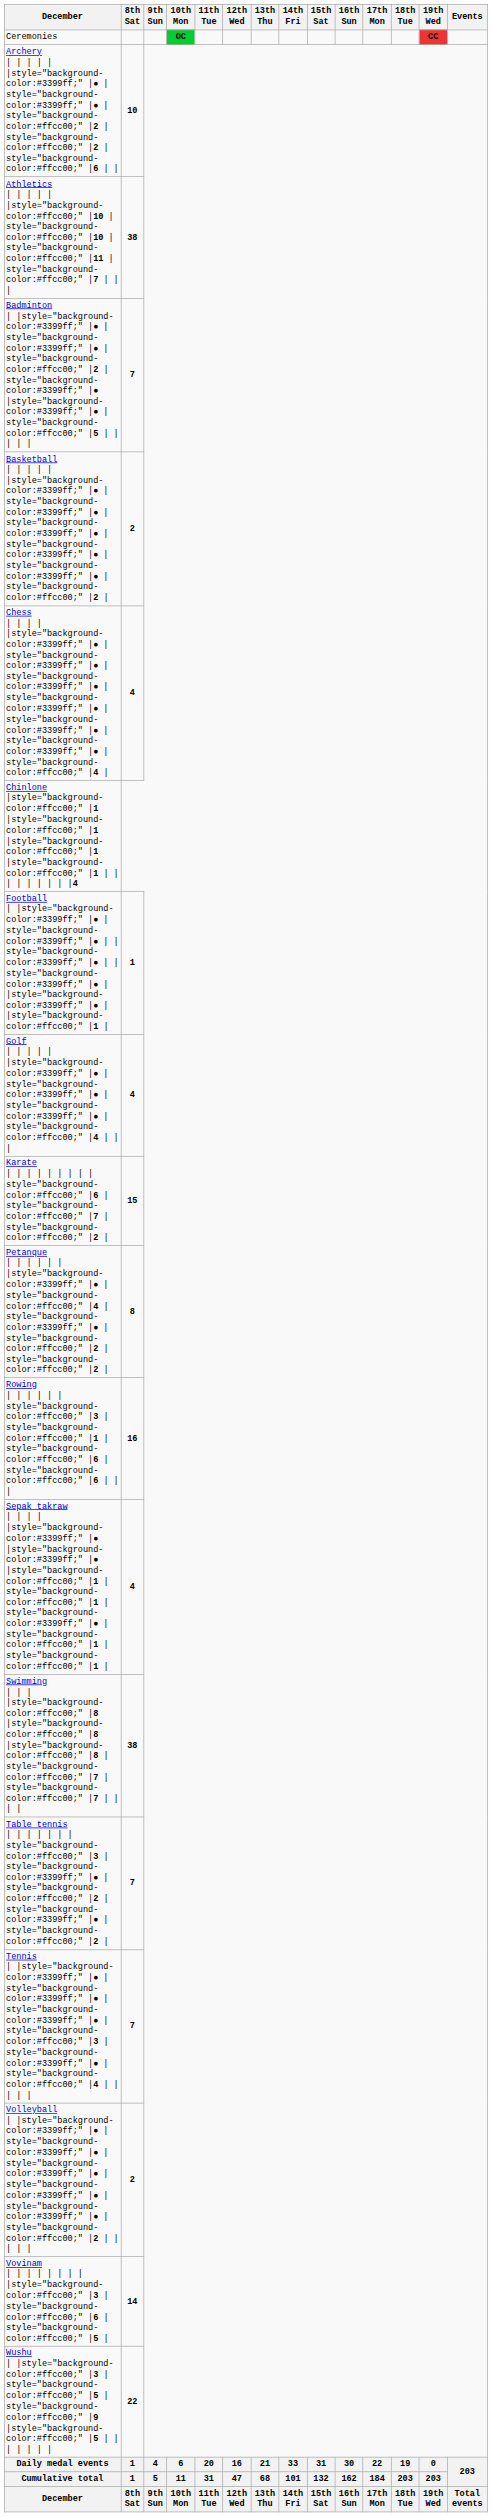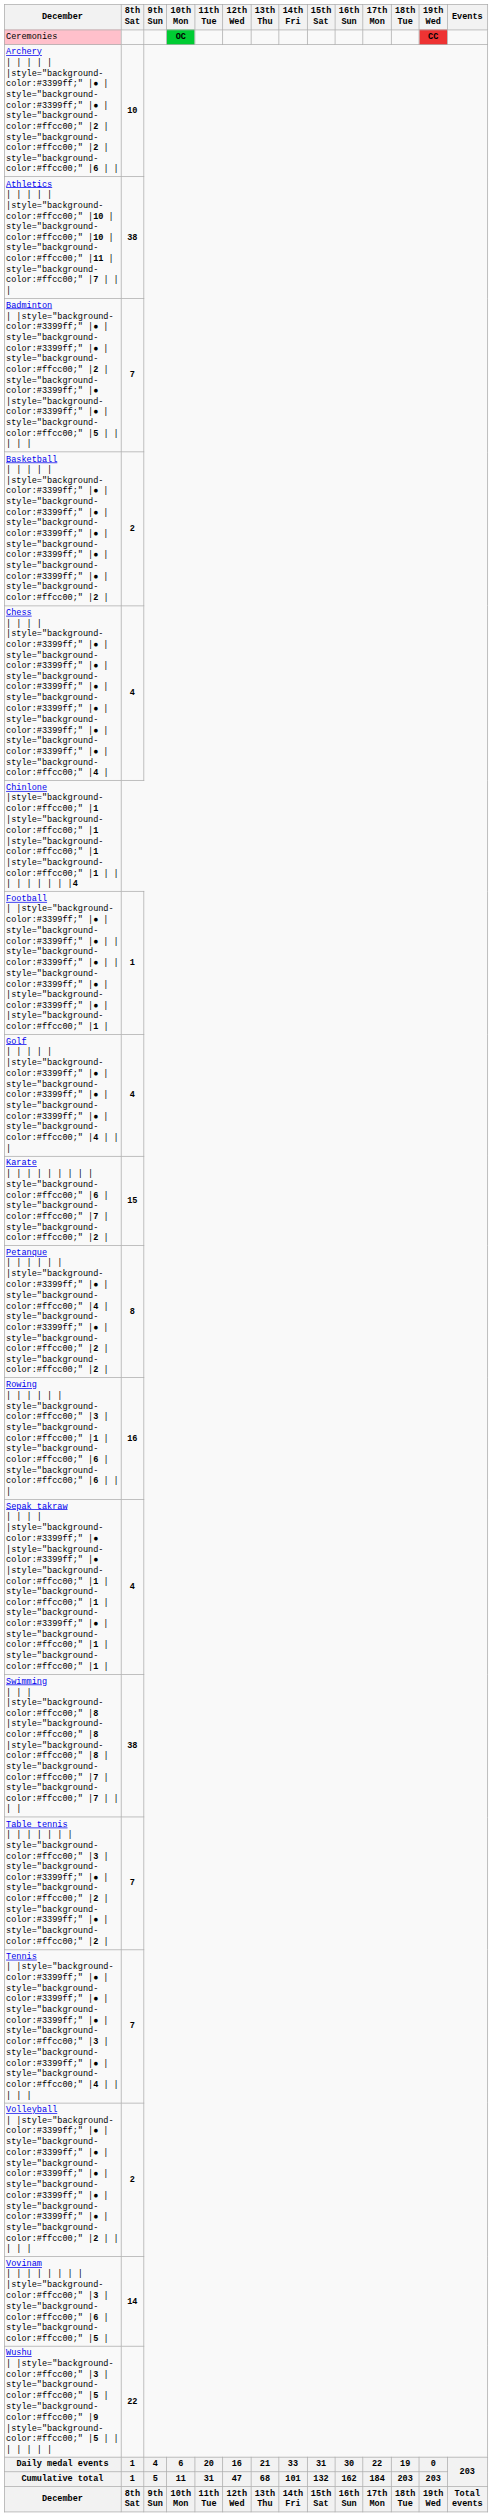 <table class="wikitable" style="margin:0.5em auto; font-size:90%; line-height:1.25em;width:75%;">
 <tr>
 <th style="width:18%;">December</th>
 <th style="width:4%;">8th<br>Sat</th>
 <th style="width:4%;">9th<br>Sun</th>
 <th style="width:4%;">10th<br>Mon</th>
 <th style="width:4%;">11th<br>Tue</th>
 <th style="width:4%;">12th<br>Wed</th>
 <th style="width:4%;">13th<br>Thu</th>
 <th style="width:4%;">14th<br>Fri</th>
 <th style="width:4%;">15th<br>Sat</th>
 <th style="width:4%;">16th<br>Sun</th>
 <th style="width:4%;">17th<br>Mon</th>
 <th style="width:4%;">18th<br>Tue</th>
 <th style="width:4%;">19th<br>Wed</th>
 <th style="width:6%;">Events</th>
 </tr>
 <tr>
-<td style="text-align:left;">Ceremonies</td>
+<td style="background: pink; text-align:left;">Ceremonies</td>
 <td></td>
 <td></td>
 <td style="background-color:#00cc33;text-align:center;"><strong>OC</strong></td>
 <td></td>
 <td></td>
 <td></td>
 <td></td>
 <td></td>
 <td></td>
 <td></td>
 <td></td>
 <td style="background-color:#ee3333;text-align:center;"><strong>CC</strong></td>
 <td></td>
 </tr>
 <tr style="text-align:center;">
 <td style="text-align:left;"> <a href='#'>Archery</a><br>| | | | | |style="background-color:#3399ff;" |● | style="background-color:#3399ff;" |● | style="background-color:#ffcc00;" |<strong>2</strong> | style="background-color:#ffcc00;" |<strong>2</strong> | style="background-color:#ffcc00;" |<strong>6</strong> |  |</td>
 <td><strong>10</strong></td>
 </tr>
 <tr style="text-align:center;">
 <td style="text-align:left;"> <a href='#'>Athletics</a><br>| | | | | |style="background-color:#ffcc00;" |<strong>10</strong> | style="background-color:#ffcc00;" |<strong>10</strong> | style="background-color:#ffcc00;" |<strong>11</strong> | style="background-color:#ffcc00;" |<strong>7</strong> |  | |</td>
 <td><strong>38</strong></td>
 </tr>
 <tr style="text-align:center;">
 <td style="text-align:left;"> <a href='#'>Badminton</a><br>| |style="background-color:#3399ff;" |● | style="background-color:#3399ff;" |● | style="background-color:#ffcc00;" |<strong>2</strong> | style="background-color:#3399ff;" |● |style="background-color:#3399ff;" |● | style="background-color:#ffcc00;" |<strong>5</strong> |  |  | | |</td>
 <td><strong>7</strong></td>
 </tr>
 <tr style="text-align:center;">
 <td style="text-align:left;"> <a href='#'>Basketball</a><br>| | | | | |style="background-color:#3399ff;" |● | style="background-color:#3399ff;" |● | style="background-color:#3399ff;" |● | style="background-color:#3399ff;" |● | style="background-color:#3399ff;" |● | style="background-color:#ffcc00;" |<strong>2</strong> |</td>
 <td><strong>2</strong></td>
 </tr>
 <tr style="text-align:center;">
 <td style="text-align:left;"> <a href='#'>Chess</a><br>| | | | |style="background-color:#3399ff;" |● | style="background-color:#3399ff;" |● | style="background-color:#3399ff;" |● | style="background-color:#3399ff;" |● | style="background-color:#3399ff;" |● | style="background-color:#3399ff;" |● |  style="background-color:#ffcc00;" |<strong>4</strong> |</td>
 <td><strong>4</strong></td>
 </tr>
 <tr style="text-align:center;">
 <td style="text-align:left;"> <a href='#'>Chinlone</a><br>|style="background-color:#ffcc00;" |<strong>1</strong> |style="background-color:#ffcc00;" |<strong>1</strong> |style="background-color:#ffcc00;" |<strong>1</strong> |style="background-color:#ffcc00;" |<strong>1</strong> | | | | | | | | |<strong>4</strong></td>
 </tr>
 <tr style="text-align:center;">
 <td style="text-align:left;"> <a href='#'>Football</a><br>| |style="background-color:#3399ff;" |● | style="background-color:#3399ff;" |● |  | style="background-color:#3399ff;" |● |  | style="background-color:#3399ff;" |● |   |style="background-color:#3399ff;" |● | |style="background-color:#ffcc00;" |<strong>1</strong> |</td>
 <td><strong>1</strong></td>
 </tr>
 <tr style="text-align:center;">
 <td style="text-align:left;"> <a href='#'>Golf</a><br>| | | | | |style="background-color:#3399ff;" |● | style="background-color:#3399ff;" |● | style="background-color:#3399ff;" |● | style="background-color:#ffcc00;" |<strong>4</strong> |  |  |</td>
 <td><strong>4</strong></td>
 </tr>
 <tr style="text-align:center;">
 <td style="text-align:left;"> <a href='#'>Karate</a><br>| | | | | | |  |  | style="background-color:#ffcc00;" |<strong>6</strong> | style="background-color:#ffcc00;" |<strong>7</strong> | style="background-color:#ffcc00;" |<strong>2</strong> |</td>
 <td><strong>15</strong></td>
 </tr>
 <tr style="text-align:center;">
 <td style="text-align:left;"> <a href='#'>Petanque</a><br>| | | | | | |style="background-color:#3399ff;" |● | style="background-color:#ffcc00;" |<strong>4</strong> | style="background-color:#3399ff;" |● | style="background-color:#ffcc00;" |<strong>2</strong> | style="background-color:#ffcc00;" |<strong>2</strong> |</td>
 <td><strong>8</strong></td>
 </tr>
 <tr style="text-align:center;">
 <td style="text-align:left;"> <a href='#'>Rowing</a><br>| | | | | | style="background-color:#ffcc00;" |<strong>3</strong> | style="background-color:#ffcc00;" |<strong>1</strong> | style="background-color:#ffcc00;" |<strong>6</strong> | style="background-color:#ffcc00;" |<strong>6</strong> |  |  |</td>
 <td><strong>16</strong></td>
 </tr>
 <tr style="text-align:center;">
 <td style="text-align:left;"> <a href='#'>Sepak takraw</a><br>| | | | |style="background-color:#3399ff;" |● |style="background-color:#3399ff;" |● |style="background-color:#ffcc00;" |<strong>1</strong> | style="background-color:#ffcc00;" |<strong>1</strong> | style="background-color:#3399ff;" |● | style="background-color:#ffcc00;" |<strong>1</strong> | style="background-color:#ffcc00;" |<strong>1</strong> |</td>
 <td><strong>4</strong></td>
 </tr>
 <tr style="text-align:center;">
 <td style="text-align:left;"> <a href='#'>Swimming</a><br>| | | |style="background-color:#ffcc00;" |<strong>8</strong> |style="background-color:#ffcc00;" |<strong>8</strong> |style="background-color:#ffcc00;" |<strong>8</strong> | style="background-color:#ffcc00;" |<strong>7</strong> | style="background-color:#ffcc00;" |<strong>7</strong> |  |  |  |</td>
 <td><strong>38</strong></td>
 </tr>
 <tr style="text-align:center;">
 <td style="text-align:left;"> <a href='#'>Table tennis</a><br>| | | | | | | style="background-color:#ffcc00;" |<strong>3</strong> | style="background-color:#3399ff;" |● | style="background-color:#ffcc00;" |<strong>2</strong> | style="background-color:#3399ff;" |● | style="background-color:#ffcc00;" |<strong>2</strong> |</td>
 <td><strong>7</strong></td>
 </tr>
 <tr style="text-align:center;">
 <td style="text-align:left;"> <a href='#'>Tennis</a><br>| |style="background-color:#3399ff;" |● | style="background-color:#3399ff;" |● | style="background-color:#3399ff;" |● | style="background-color:#ffcc00;" |<strong>3</strong> | style="background-color:#3399ff;" |● | style="background-color:#ffcc00;" |<strong>4</strong> | | |  | |</td>
 <td><strong>7</strong></td>
 </tr>
 <tr style="text-align:center;">
 <td style="text-align:left;"> <a href='#'>Volleyball</a><br>| |style="background-color:#3399ff;" |● | style="background-color:#3399ff;" |● | style="background-color:#3399ff;" |● | style="background-color:#3399ff;" |● | style="background-color:#3399ff;" |● | style="background-color:#ffcc00;" |<strong>2</strong> | | |  | |</td>
 <td><strong>2</strong></td>
 </tr>
 <tr style="text-align:center;">
 <td style="text-align:left;"> <a href='#'>Vovinam</a><br>| | | | | | | | |style="background-color:#ffcc00;" |<strong>3</strong> | style="background-color:#ffcc00;" |<strong>6</strong> | style="background-color:#ffcc00;" |<strong>5</strong> |</td>
 <td><strong>14</strong></td>
 </tr>
 <tr style="text-align:center;">
 <td style="text-align:left;"> <a href='#'>Wushu</a><br>| |style="background-color:#ffcc00;" |<strong>3</strong> | style="background-color:#ffcc00;" |<strong>5</strong> | style="background-color:#ffcc00;" |<strong>9</strong> |style="background-color:#ffcc00;" |<strong>5</strong> | | | | | | |</td>
 <td><strong>22</strong></td>
 </tr>
 <tr>
 <th>Daily medal events</th>
 <th>1</th>
 <th>4</th>
 <th>6</th>
 <th>20</th>
 <th>16</th>
 <th>21</th>
 <th>33</th>
 <th>31</th>
 <th>30</th>
 <th>22</th>
 <th>19</th>
 <th>0</th>
 <th rowspan=2>203</th>
 </tr>
 <tr>
 <th>Cumulative total</th>
 <th>1</th>
 <th>5</th>
 <th>11</th>
 <th>31</th>
 <th>47</th>
 <th>68</th>
 <th>101</th>
 <th>132</th>
 <th>162</th>
 <th>184</th>
 <th>203</th>
 <th>203</th>
 </tr>
 <tr>
 <th>December</th>
 <th>8th<br>Sat</th>
 <th>9th<br>Sun</th>
 <th>10th<br>Mon</th>
 <th>11th<br>Tue</th>
 <th>12th<br>Wed</th>
 <th>13th<br>Thu</th>
 <th>14th<br>Fri</th>
 <th>15th<br>Sat</th>
 <th>16th<br>Sun</th>
 <th>17th<br>Mon</th>
 <th>18th<br>Tue</th>
 <th>19th<br>Wed</th>
 <th>Total events</th>
 </tr>
 </table>
